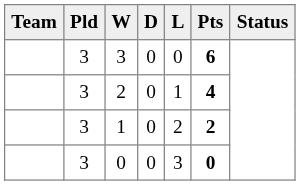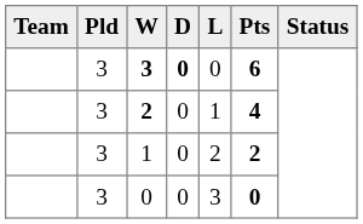 <table style=border-collapse:collapse border=1 cellspacing=0 cellpadding=5>
 <tr align=center bgcolor=#efefef>
 <th>Team</th>
 <th>Pld</th>
 <th>W</th>
 <th>D</th>
 <th>L</th>
 <th>Pts</th>
 <th>Status</th>
 </tr>
 <tr align=center style="background:#FFFFFF;">
 <td style="text-align:left;"> </td>
 <td>3</td>
-<td>3</td>
-<td>0</td>
+<td><strong>3</strong></td>
+<td><strong>0</strong></td>
 <td>0</td>
 <td><strong>6</strong></td>
 <td rowspan=5></td>
 </tr>
 <tr align=center style="background:#FFFFFF;">
 <td style="text-align:left;"> </td>
 <td>3</td>
-<td>2</td>
+<td><strong>2</strong></td>
 <td>0</td>
 <td>1</td>
 <td><strong>4</strong></td>
 </tr>
 <tr align=center style="background:#FFFFFF;">
 <td style="text-align:left;"> </td>
 <td>3</td>
 <td>1</td>
 <td>0</td>
 <td>2</td>
 <td><strong>2</strong></td>
 </tr>
 <tr align=center style="background:#FFFFFF;">
 <td style="text-align:left;"> </td>
 <td>3</td>
 <td>0</td>
 <td>0</td>
 <td>3</td>
 <td><strong>0</strong></td>
 </tr>
 </table>
